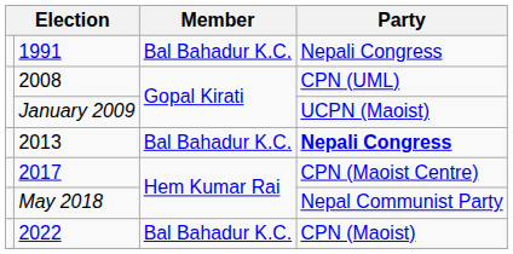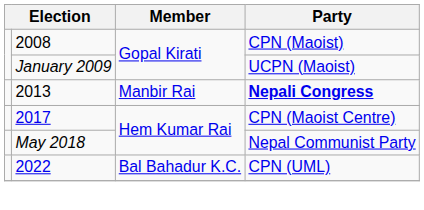 <table class="wikitable">
 <tr>
 <th colspan="2">Election</th>
 <th>Member</th>
 <th>Party</th>
 </tr>
 <tr>
-<td style="background-color:"></td>
-<td><a href='#'>1991</a></td>
-<td><a href='#'>Bal Bahadur K.C.</a></td>
-<td><a href='#'>Nepali Congress</a></td>
-</tr>
-<tr>
 <td rowspan="2" style="background-color:"></td>
 <td>2008</td>
 <td rowspan="2"><a href='#'>Gopal Kirati</a></td>
-<td><a href='#'>CPN (UML)</a></td>
+<td><a href='#'>CPN (Maoist)</a></td>
 </tr>
 <tr>
 <td><em>January 2009</em></td>
 <td><a href='#'>UCPN (Maoist)</a></td>
 </tr>
 <tr>
 <td style="background-color:"></td>
 <td>2013</td>
-<td><a href='#'>Bal Bahadur K.C.</a></td>
+<td><a href='#'>Manbir Rai</a></td>
 <td><strong><a href='#'>Nepali Congress</a></strong></td>
 </tr>
 <tr>
 <td style="background-color:"></td>
 <td><a href='#'>2017</a></td>
 <td rowspan="2"><a href='#'>Hem Kumar Rai</a></td>
 <td><a href='#'>CPN (Maoist Centre)</a></td>
 </tr>
 <tr>
 <td style="background-color:"></td>
 <td><em>May 2018</em></td>
 <td><a href='#'>Nepal Communist Party</a></td>
 </tr>
 <tr>
 <td></td>
 <td><a href='#'>2022</a></td>
 <td><a href='#'>Bal Bahadur K.C.</a></td>
-<td><a href='#'>CPN (Maoist)</a></td>
+<td><a href='#'>CPN (UML)</a></td>
 </tr>
 <tr>
 </tr>
 </table>
